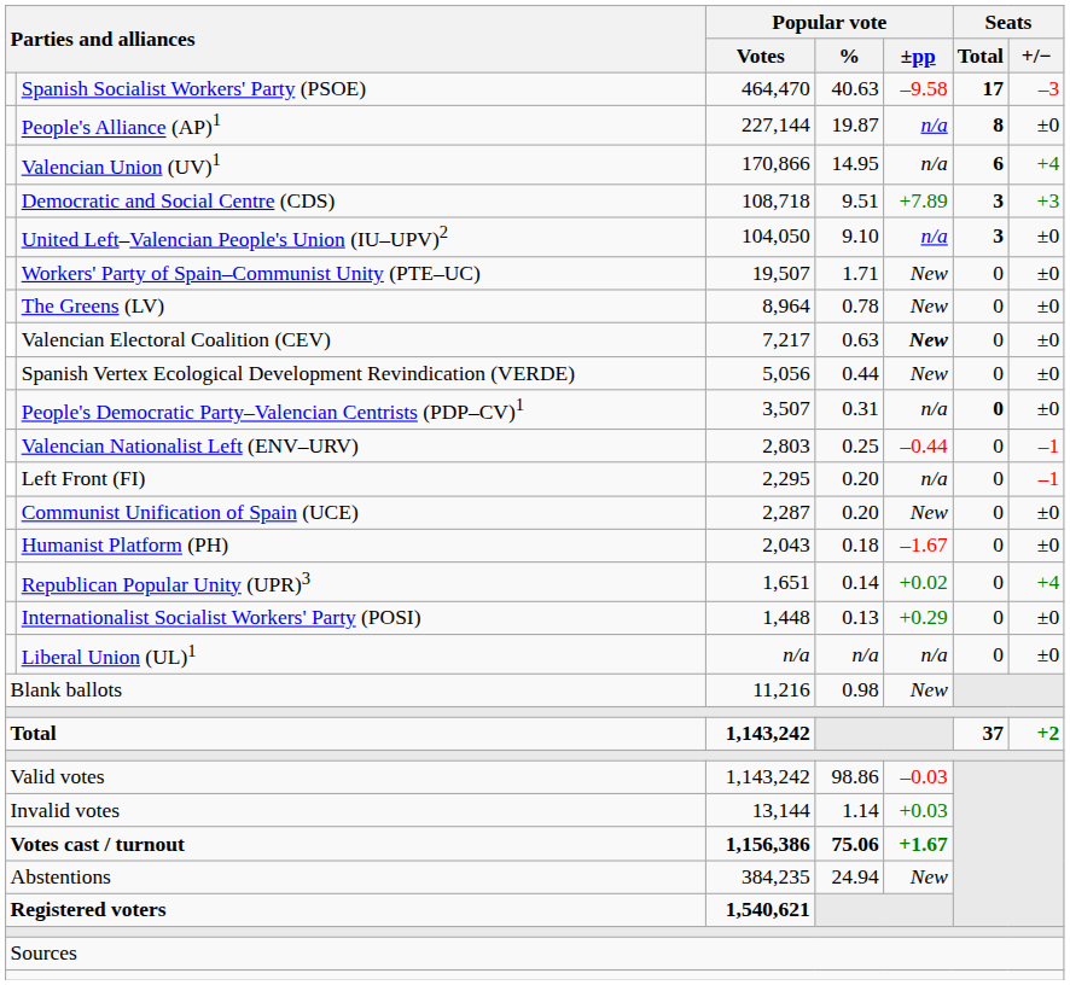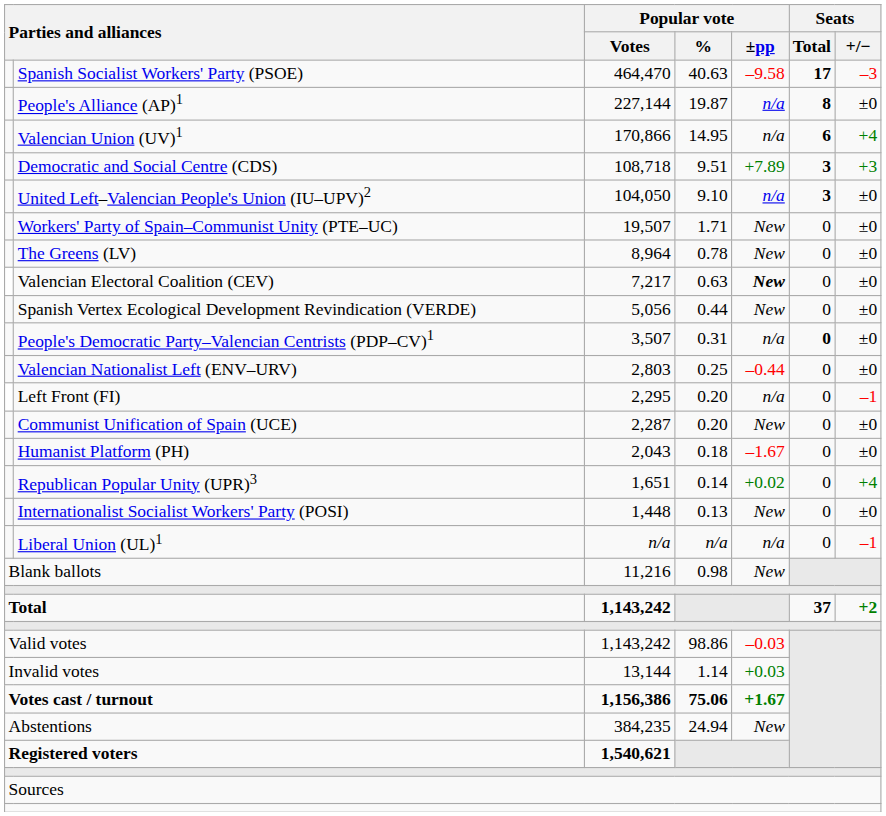 <table class="wikitable" style="text-align:right;">
 <tr>
 <th style="text-align:left;" rowspan="2" colspan="2" width="525">Parties and alliances</th>
 <th colspan="3">Popular vote</th>
 <th colspan="2">Seats</th>
 </tr>
 <tr>
 <th width="75">Votes</th>
 <th width="45">%</th>
 <th width="45">±<a href='#'>pp</a></th>
 <th width="35">Total</th>
 <th width="35">+/−</th>
 </tr>
 <tr>
 <td width="1" style="color:inherit;background:"></td>
 <td align="left"><a href='#'>Spanish Socialist Workers' Party</a> (PSOE)</td>
 <td>464,470</td>
 <td>40.63</td>
 <td style="color:red;">–9.58</td>
 <td><strong>17</strong></td>
 <td style="color:red;">–3</td>
 </tr>
 <tr>
 <td style="color:inherit;background:"></td>
 <td align="left"><a href='#'>People's Alliance</a> (AP)<sup>1</sup></td>
 <td>227,144</td>
 <td>19.87</td>
 <td><em><a href='#'>n/a</a></em></td>
 <td><strong>8</strong></td>
 <td>±0</td>
 </tr>
 <tr>
 <td style="color:inherit;background:"></td>
 <td align="left"><a href='#'>Valencian Union</a> (UV)<sup>1</sup></td>
 <td>170,866</td>
 <td>14.95</td>
 <td><em>n/a</em></td>
 <td><strong>6</strong></td>
 <td style="color:green;">+4</td>
 </tr>
 <tr>
 <td style="color:inherit;background:"></td>
 <td align="left"><a href='#'>Democratic and Social Centre</a> (CDS)</td>
 <td>108,718</td>
 <td>9.51</td>
 <td style="color:green;">+7.89</td>
 <td><strong>3</strong></td>
 <td style="color:green;">+3</td>
 </tr>
 <tr>
 <td style="color:inherit;background:"></td>
 <td align="left"><a href='#'>United Left</a>–<a href='#'>Valencian People's Union</a> (IU–UPV)<sup>2</sup></td>
 <td>104,050</td>
 <td>9.10</td>
 <td><em><a href='#'>n/a</a></em></td>
 <td><strong>3</strong></td>
 <td>±0</td>
 </tr>
 <tr>
 <td style="color:inherit;background:"></td>
 <td align="left"><a href='#'>Workers' Party of Spain–Communist Unity</a> (PTE–UC)</td>
 <td>19,507</td>
 <td>1.71</td>
 <td><em>New</em></td>
 <td>0</td>
 <td>±0</td>
 </tr>
 <tr>
 <td style="color:inherit;background:"></td>
 <td align="left"><a href='#'>The Greens</a> (LV)</td>
 <td>8,964</td>
 <td>0.78</td>
 <td><em>New</em></td>
 <td>0</td>
 <td>±0</td>
 </tr>
 <tr>
 <td bgcolor="white"></td>
 <td align="left">Valencian Electoral Coalition (CEV)</td>
 <td>7,217</td>
 <td>0.63</td>
 <td><strong><em>New</em></strong></td>
 <td>0</td>
 <td>±0</td>
 </tr>
 <tr>
 <td style="color:inherit;background:"></td>
 <td align="left">Spanish Vertex Ecological Development Revindication (VERDE)</td>
 <td>5,056</td>
 <td>0.44</td>
 <td><em>New</em></td>
 <td>0</td>
 <td>±0</td>
 </tr>
 <tr>
 <td style="color:inherit;background:"></td>
 <td align="left"><a href='#'>People's Democratic Party–Valencian Centrists</a> (PDP–CV)<sup>1</sup></td>
 <td>3,507</td>
 <td>0.31</td>
 <td><em>n/a</em></td>
 <td><strong>0</strong></td>
 <td>±0</td>
 </tr>
 <tr>
 <td style="color:inherit;background:"></td>
 <td align="left"><a href='#'>Valencian Nationalist Left</a> (ENV–URV)</td>
 <td>2,803</td>
 <td>0.25</td>
 <td style="color:red;">–0.44</td>
 <td>0</td>
-<td style="color:red;">–1</td>
+<td>±0</td>
 </tr>
 <tr>
 <td bgcolor="white"></td>
 <td align="left">Left Front (FI)</td>
 <td>2,295</td>
 <td>0.20</td>
 <td><em>n/a</em></td>
 <td>0</td>
 <td style="color:red;">–1</td>
 </tr>
 <tr>
 <td style="color:inherit;background:"></td>
 <td align="left"><a href='#'>Communist Unification of Spain</a> (UCE)</td>
 <td>2,287</td>
 <td>0.20</td>
 <td><em>New</em></td>
 <td>0</td>
 <td>±0</td>
 </tr>
 <tr>
 <td style="color:inherit;background:"></td>
 <td align="left"><a href='#'>Humanist Platform</a> (PH)</td>
 <td>2,043</td>
 <td>0.18</td>
 <td style="color:red;">–1.67</td>
 <td>0</td>
 <td>±0</td>
 </tr>
 <tr>
 <td style="color:inherit;background:"></td>
 <td align="left"><a href='#'>Republican Popular Unity</a> (UPR)<sup>3</sup></td>
 <td>1,651</td>
 <td>0.14</td>
 <td style="color:green;">+0.02</td>
 <td>0</td>
 <td style="color:green;">+4</td>
 </tr>
 <tr>
 <td style="color:inherit;background:"></td>
 <td align="left"><a href='#'>Internationalist Socialist Workers' Party</a> (POSI)</td>
 <td>1,448</td>
 <td>0.13</td>
-<td style="color:green;">+0.29</td>
+<td><em>New</em></td>
 <td>0</td>
 <td>±0</td>
 </tr>
 <tr>
 <td style="color:inherit;background:"></td>
 <td align="left"><a href='#'>Liberal Union</a> (UL)<sup>1</sup></td>
 <td><em>n/a</em></td>
 <td><em>n/a</em></td>
 <td><em>n/a</em></td>
 <td>0</td>
-<td>±0</td>
+<td style="color:red;">–1</td>
 </tr>
 <tr>
 <td align="left" colspan="2">Blank ballots</td>
 <td>11,216</td>
 <td>0.98</td>
 <td><em>New</em></td>
 <td bgcolor="#E9E9E9" colspan="2"></td>
 </tr>
 <tr>
 <td colspan="7" bgcolor="#E9E9E9"></td>
 </tr>
 <tr style="font-weight:bold;">
 <td align="left" colspan="2">Total</td>
 <td>1,143,242</td>
 <td bgcolor="#E9E9E9" colspan="2"></td>
 <td>37</td>
 <td style="color:green;">+2</td>
 </tr>
 <tr>
 <td colspan="7" bgcolor="#E9E9E9"></td>
 </tr>
 <tr>
 <td align="left" colspan="2">Valid votes</td>
 <td>1,143,242</td>
 <td>98.86</td>
 <td style="color:red;">–0.03</td>
 <td bgcolor="#E9E9E9" colspan="2" rowspan="5"></td>
 </tr>
 <tr>
 <td align="left" colspan="2">Invalid votes</td>
 <td>13,144</td>
 <td>1.14</td>
 <td style="color:green;">+0.03</td>
 </tr>
 <tr style="font-weight:bold;">
 <td align="left" colspan="2">Votes cast / turnout</td>
 <td>1,156,386</td>
 <td>75.06</td>
 <td style="color:green;">+1.67</td>
 </tr>
 <tr>
 <td align="left" colspan="2">Abstentions</td>
 <td>384,235</td>
 <td>24.94</td>
 <td><em>New</em></td>
 </tr>
 <tr style="font-weight:bold;">
 <td align="left" colspan="2">Registered voters</td>
 <td>1,540,621</td>
 <td bgcolor="#E9E9E9" colspan="2"></td>
 </tr>
 <tr>
 <td colspan="7" bgcolor="#E9E9E9"></td>
 </tr>
 <tr>
 <td align="left" colspan="7">Sources</td>
 </tr>
 <tr>
 <td colspan="7" style="text-align:left; max-width:790px;"></td>
 </tr>
 </table>
